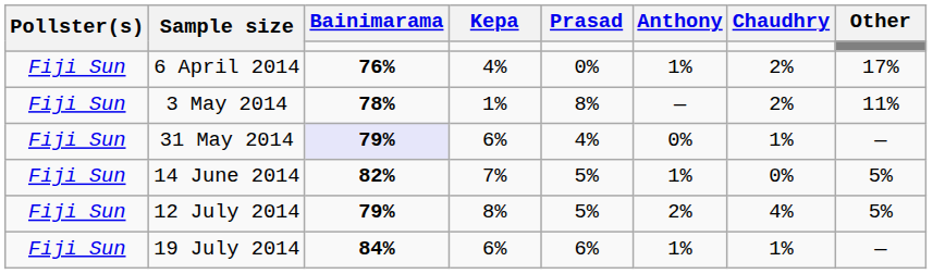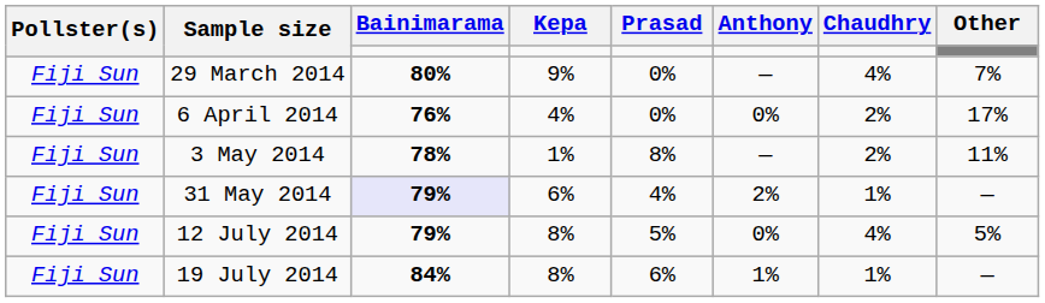 <table class=wikitable style="text-align:center; font-size:95%; line-height:16px;">
 <tr>
 <th rowspan=2>Pollster(s)</th>
 <th rowspan=2>Sample size</th>
 <th style="width:50px;"><a href='#'>Bainimarama</a></th>
 <th style="width:50px;"><a href='#'>Kepa</a></th>
 <th style="width:50px;"><a href='#'>Prasad</a></th>
 <th style="width:50px;"><a href='#'>Anthony</a></th>
 <th style="width:50px;"><a href='#'>Chaudhry</a></th>
 <th style="width:50px;">Other</th>
 </tr>
 <tr>
 <td style="background:"></td>
 <td style="background:"></td>
 <td style="background:"></td>
 <td style="background:"></td>
 <td style="background:"></td>
 <td style="background:grey"></td>
 </tr>
 <tr>
 <td><em><a href='#'>Fiji Sun</a></em></td>
+<td>29 March 2014</td>
+<td><strong>80%</strong></td>
+<td>9%</td>
+<td>0%</td>
+<td>—</td>
+<td>4%</td>
+<td>7%</td>
+</tr>
+<tr>
+<td><em><a href='#'>Fiji Sun</a></em></td>
 <td>6 April 2014</td>
 <td><strong>76%</strong></td>
 <td>4%</td>
 <td>0%</td>
-<td>1%</td>
+<td>0%</td>
 <td>2%</td>
 <td>17%</td>
 </tr>
 <tr>
 <td><em><a href='#'>Fiji Sun</a></em></td>
 <td>3 May 2014</td>
 <td><strong>78%</strong></td>
 <td>1%</td>
 <td>8%</td>
 <td>—</td>
 <td>2%</td>
 <td>11%</td>
 </tr>
 <tr>
 <td><em><a href='#'>Fiji Sun</a></em></td>
 <td>31 May 2014</td>
 <td style="background: lavender;"><strong>79%</strong></td>
 <td>6%</td>
 <td>4%</td>
-<td>0%</td>
+<td>2%</td>
 <td>1%</td>
 <td>—</td>
-</tr>
-<tr>
-<td><em><a href='#'>Fiji Sun</a></em></td>
-<td>14 June 2014</td>
-<td><strong>82%</strong></td>
-<td>7%</td>
-<td>5%</td>
-<td>1%</td>
-<td>0%</td>
-<td>5%</td>
 </tr>
 <tr>
 <td><em><a href='#'>Fiji Sun</a></em></td>
 <td>12 July 2014</td>
 <td><strong>79%</strong></td>
 <td>8%</td>
 <td>5%</td>
-<td>2%</td>
+<td>0%</td>
 <td>4%</td>
 <td>5%</td>
 </tr>
 <tr>
 <td><em><a href='#'>Fiji Sun</a></em></td>
 <td>19 July 2014</td>
 <td><strong>84%</strong></td>
-<td>6%</td>
+<td>8%</td>
 <td>6%</td>
 <td>1%</td>
 <td>1%</td>
 <td>—</td>
 </tr>
 </table>
